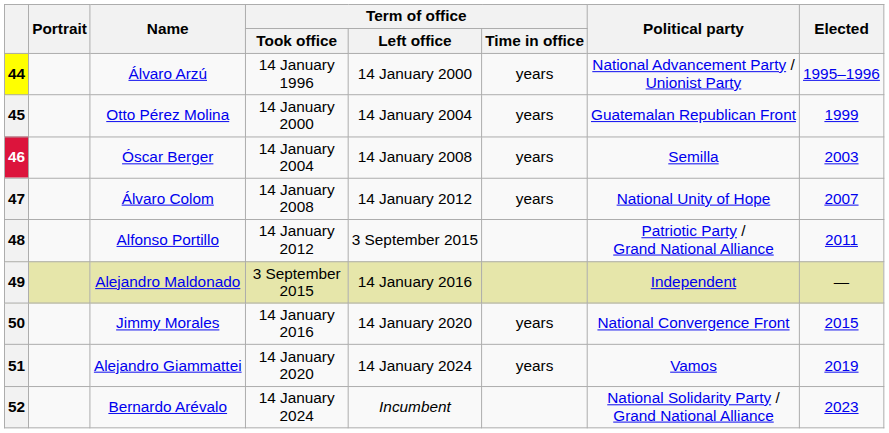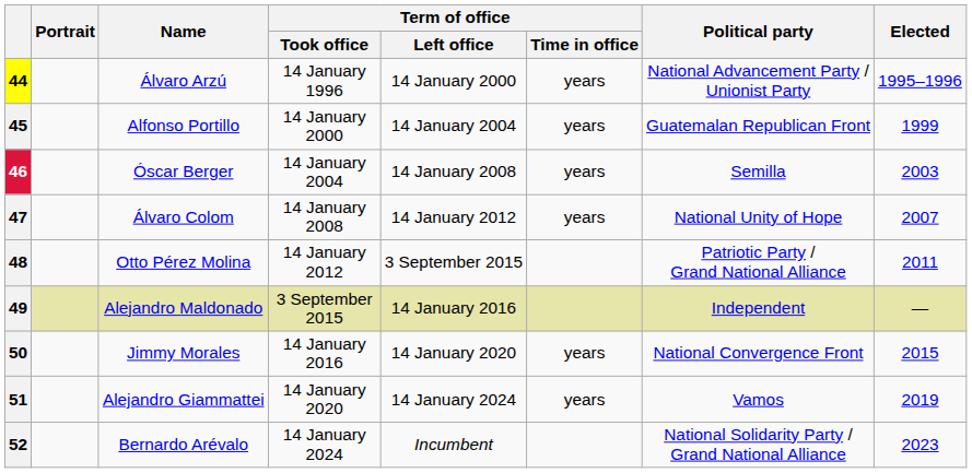 <table class="wikitable" style="text-align:center">
 <tr>
 <th rowspan="2"></th>
 <th rowspan="2">Portrait</th>
 <th rowspan="2">Name<br></th>
 <th colspan="3">Term of office</th>
 <th rowspan="2">Political party</th>
 <th rowspan="2">Elected</th>
 </tr>
 <tr style="background:#cccccc">
 <th width="100">Took office</th>
 <th>Left office</th>
 <th>Time in office</th>
 </tr>
 <tr>
 <th style="background:Yellow; color:black">44</th>
 <td></td>
 <td><a href='#'>Álvaro Arzú</a><br></td>
 <td>14 January 1996</td>
 <td>14 January 2000</td>
 <td> years</td>
 <td><a href='#'>National Advancement Party</a> /<br><a href='#'>Unionist Party</a></td>
 <td><a href='#'>1995–1996</a></td>
 </tr>
 <tr>
 <th style="background:">45</th>
 <td></td>
-<td><a href='#'>Otto Pérez Molina</a><br></td>
+<td><a href='#'>Alfonso Portillo</a><br></td>
 <td>14 January 2000</td>
 <td>14 January 2004</td>
 <td> years</td>
 <td><a href='#'>Guatemalan Republican Front</a></td>
 <td><a href='#'>1999</a></td>
 </tr>
 <tr>
 <th style="background:Crimson; color:white">46</th>
 <td></td>
 <td><a href='#'>Óscar Berger</a><br></td>
 <td>14 January 2004</td>
 <td>14 January 2008</td>
 <td> years</td>
 <td><a href='#'>Semilla</a></td>
 <td><a href='#'>2003</a></td>
 </tr>
 <tr>
 <th style="background:">47</th>
 <td></td>
 <td><a href='#'>Álvaro Colom</a><br></td>
 <td>14 January 2008</td>
 <td>14 January 2012</td>
 <td> years</td>
 <td><a href='#'>National Unity of Hope</a></td>
 <td><a href='#'>2007</a></td>
 </tr>
 <tr>
 <th style="background:">48</th>
 <td></td>
-<td><a href='#'>Alfonso Portillo</a><br></td>
+<td><a href='#'>Otto Pérez Molina</a><br></td>
 <td>14 January 2012</td>
 <td>3 September 2015<br></td>
 <td></td>
 <td><a href='#'>Patriotic Party</a> /<br><a href='#'>Grand National Alliance</a></td>
 <td><a href='#'>2011</a></td>
 </tr>
 <tr style="background:#E6E6AA">
 <th style="background:">49</th>
 <td></td>
 <td><a href='#'>Alejandro Maldonado</a><br></td>
 <td>3 September 2015</td>
 <td>14 January 2016</td>
 <td></td>
 <td><a href='#'>Independent</a></td>
 <td>—</td>
 </tr>
 <tr>
 <th style="background:">50</th>
 <td></td>
 <td><a href='#'>Jimmy Morales</a><br></td>
 <td>14 January 2016</td>
 <td>14 January 2020</td>
 <td> years</td>
 <td><a href='#'>National Convergence Front</a></td>
 <td><a href='#'>2015</a></td>
 </tr>
 <tr>
 <th style="background:">51</th>
 <td></td>
 <td><a href='#'>Alejandro Giammattei</a><br></td>
 <td>14 January 2020</td>
 <td>14 January 2024</td>
 <td> years</td>
 <td><a href='#'>Vamos</a></td>
 <td><a href='#'>2019</a></td>
 </tr>
 <tr>
 <th style="background:">52</th>
 <td></td>
 <td><a href='#'>Bernardo Arévalo</a><br></td>
 <td>14 January 2024</td>
 <td><em>Incumbent</em></td>
 <td></td>
 <td><a href='#'>National Solidarity Party</a> /<br><a href='#'>Grand National Alliance</a></td>
 <td><a href='#'>2023</a></td>
 </tr>
 </table>
